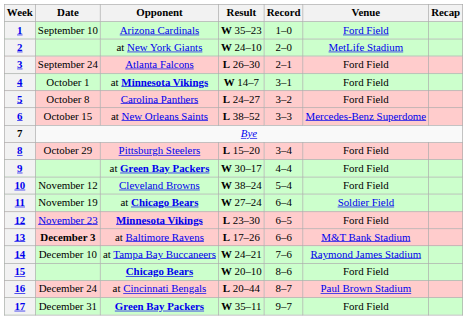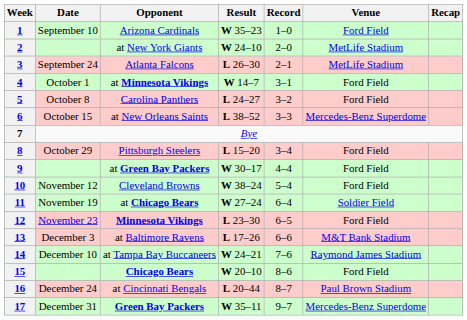 <table class="wikitable" style="text-align:center">
 <tr>
 <th>Week</th>
 <th>Date</th>
 <th>Opponent</th>
 <th>Result</th>
 <th>Record</th>
 <th>Venue</th>
 <th>Recap</th>
 </tr>
 <tr style="background:#cfc">
 <th><a href='#'>1</a></th>
 <td>September 10</td>
 <td><a href='#'>Arizona Cardinals</a></td>
 <td><strong>W</strong> 35–23</td>
 <td>1–0</td>
 <td><a href='#'>Ford Field</a></td>
 <td></td>
 </tr>
 <tr style="background:#cfc">
 <th><a href='#'>2</a></th>
 <td></td>
 <td>at <a href='#'>New York Giants</a></td>
 <td><strong>W</strong> 24–10</td>
 <td>2–0</td>
 <td><a href='#'>MetLife Stadium</a></td>
 <td></td>
 </tr>
 <tr style="background:#fcc">
 <th><a href='#'>3</a></th>
 <td>September 24</td>
 <td><a href='#'>Atlanta Falcons</a></td>
 <td><strong>L</strong> 26–30</td>
 <td>2–1</td>
-<td>Ford Field</td>
+<td><a href='#'>MetLife Stadium</a></td>
 <td></td>
 </tr>
 <tr style="background:#cfc">
 <th><a href='#'>4</a></th>
 <td>October 1</td>
 <td>at <strong><a href='#'>Minnesota Vikings</a></strong></td>
 <td><strong>W</strong> 14–7</td>
 <td>3–1</td>
 <td>Ford Field</td>
 <td></td>
 </tr>
 <tr style="background:#fcc">
 <th><a href='#'>5</a></th>
 <td>October 8</td>
 <td><a href='#'>Carolina Panthers</a></td>
 <td><strong>L</strong> 24–27</td>
 <td>3–2</td>
 <td>Ford Field</td>
 <td></td>
 </tr>
 <tr style="background:#fcc">
 <th><a href='#'>6</a></th>
 <td>October 15</td>
 <td>at <a href='#'>New Orleans Saints</a></td>
 <td><strong>L</strong> 38–52</td>
 <td>3–3</td>
 <td><a href='#'>Mercedes-Benz Superdome</a></td>
 <td></td>
 </tr>
 <tr>
 <th>7</th>
 <td colspan="6"><em><a href='#'>Bye</a></em></td>
 </tr>
 <tr style="background:#fcc">
 <th><a href='#'>8</a></th>
 <td>October 29</td>
 <td><a href='#'>Pittsburgh Steelers</a></td>
 <td><strong>L</strong> 15–20</td>
 <td>3–4</td>
 <td>Ford Field</td>
 <td></td>
 </tr>
 <tr style="background:#cfc">
 <th><a href='#'>9</a></th>
 <td></td>
 <td>at <strong><a href='#'>Green Bay Packers</a></strong></td>
 <td><strong>W</strong> 30–17</td>
 <td>4–4</td>
 <td>Ford Field</td>
 <td></td>
 </tr>
 <tr style="background:#cfc">
 <th><a href='#'>10</a></th>
 <td>November 12</td>
 <td><a href='#'>Cleveland Browns</a></td>
 <td><strong>W</strong> 38–24</td>
 <td>5–4</td>
 <td>Ford Field</td>
 <td></td>
 </tr>
 <tr style="background:#cfc">
 <th><a href='#'>11</a></th>
 <td>November 19</td>
 <td>at <strong><a href='#'>Chicago Bears</a></strong></td>
 <td><strong>W</strong> 27–24</td>
 <td>6–4</td>
 <td><a href='#'>Soldier Field</a></td>
 <td></td>
 </tr>
 <tr style="background:#fcc">
 <th><a href='#'>12</a></th>
 <td><a href='#'>November 23</a></td>
 <td><strong><a href='#'>Minnesota Vikings</a></strong></td>
 <td><strong>L</strong> 23–30</td>
 <td>6–5</td>
 <td>Ford Field</td>
 <td></td>
 </tr>
 <tr style="background:#fcc">
 <th><a href='#'>13</a></th>
-<td><strong>December 3</strong></td>
+<td>December 3</td>
 <td>at <a href='#'>Baltimore Ravens</a></td>
 <td><strong>L</strong> 17–26</td>
 <td>6–6</td>
 <td><a href='#'>M&T Bank Stadium</a></td>
 <td></td>
 </tr>
 <tr style="background:#cfc">
 <th><a href='#'>14</a></th>
 <td>December 10</td>
 <td>at <a href='#'>Tampa Bay Buccaneers</a></td>
 <td><strong>W</strong> 24–21</td>
 <td>7–6</td>
 <td><a href='#'>Raymond James Stadium</a></td>
 <td></td>
 </tr>
 <tr style="background:#cfc">
 <th><a href='#'>15</a></th>
 <td></td>
 <td><strong><a href='#'>Chicago Bears</a></strong></td>
 <td><strong>W</strong> 20–10</td>
 <td>8–6</td>
 <td>Ford Field</td>
 <td></td>
 </tr>
 <tr style="background:#fcc">
 <th><a href='#'>16</a></th>
 <td>December 24</td>
 <td>at <a href='#'>Cincinnati Bengals</a></td>
 <td><strong>L</strong> 20–44</td>
 <td>8–7</td>
 <td><a href='#'>Paul Brown Stadium</a></td>
 <td></td>
 </tr>
 <tr style="background:#cfc">
 <th><a href='#'>17</a></th>
 <td>December 31</td>
 <td><strong><a href='#'>Green Bay Packers</a></strong></td>
 <td><strong>W</strong> 35–11</td>
 <td>9–7</td>
-<td>Ford Field</td>
+<td><a href='#'>Mercedes-Benz Superdome</a></td>
 <td></td>
 </tr>
 </table>
